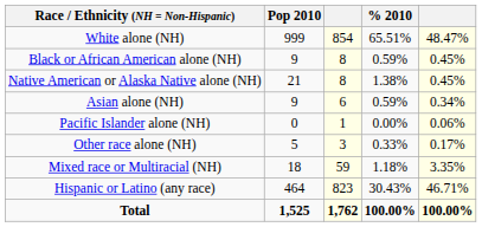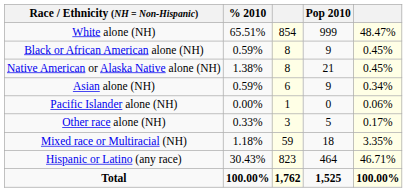 <table class="wikitable" style="text-align:center;">
 <tr>
 <th>Race / Ethnicity <small>(<em>NH = Non-Hispanic</em>)</small></th>
+<th>% 2010</th>
+<th></th>
 <th>Pop 2010</th>
-<th></th>
-<th>% 2010</th>
 <th></th>
 </tr>
 <tr>
 <td><a href='#'>White</a> alone (NH)</td>
+<td>65.51%</td>
+<td style='background: #ffffe6;'>854</td>
 <td>999</td>
-<td style='background: #ffffe6;'>854</td>
-<td>65.51%</td>
 <td style='background: #ffffe6;'>48.47%</td>
 </tr>
 <tr>
 <td><a href='#'>Black or African American</a> alone (NH)</td>
+<td>0.59%</td>
+<td style='background: #ffffe6;'>8</td>
 <td>9</td>
-<td style='background: #ffffe6;'>8</td>
-<td>0.59%</td>
 <td style='background: #ffffe6;'>0.45%</td>
 </tr>
 <tr>
 <td><a href='#'>Native American</a> or <a href='#'>Alaska Native</a> alone (NH)</td>
+<td>1.38%</td>
+<td style='background: #ffffe6;'>8</td>
 <td>21</td>
-<td style='background: #ffffe6;'>8</td>
-<td>1.38%</td>
 <td style='background: #ffffe6;'>0.45%</td>
 </tr>
 <tr>
 <td><a href='#'>Asian</a> alone (NH)</td>
+<td>0.59%</td>
+<td style='background: #ffffe6;'>6</td>
 <td>9</td>
-<td style='background: #ffffe6;'>6</td>
-<td>0.59%</td>
 <td style='background: #ffffe6;'>0.34%</td>
 </tr>
 <tr>
 <td><a href='#'>Pacific Islander</a> alone (NH)</td>
+<td>0.00%</td>
+<td style='background: #ffffe6;'>1</td>
 <td>0</td>
-<td style='background: #ffffe6;'>1</td>
-<td>0.00%</td>
 <td style='background: #ffffe6;'>0.06%</td>
 </tr>
 <tr>
 <td><a href='#'>Other race</a> alone (NH)</td>
+<td>0.33%</td>
+<td style='background: #ffffe6;'>3</td>
 <td>5</td>
-<td style='background: #ffffe6;'>3</td>
-<td>0.33%</td>
 <td style='background: #ffffe6;'>0.17%</td>
 </tr>
 <tr>
 <td><a href='#'>Mixed race or Multiracial</a> (NH)</td>
+<td>1.18%</td>
+<td style='background: #ffffe6;'>59</td>
 <td>18</td>
-<td style='background: #ffffe6;'>59</td>
-<td>1.18%</td>
 <td style='background: #ffffe6;'>3.35%</td>
 </tr>
 <tr>
 <td><a href='#'>Hispanic or Latino</a> (any race)</td>
+<td>30.43%</td>
+<td style='background: #ffffe6;'>823</td>
 <td>464</td>
-<td style='background: #ffffe6;'>823</td>
-<td>30.43%</td>
 <td style='background: #ffffe6;'>46.71%</td>
 </tr>
 <tr>
 <td><strong>Total</strong></td>
+<td><strong>100.00%</strong></td>
+<td style='background: #ffffe6;'><strong>1,762</strong></td>
 <td><strong>1,525</strong></td>
-<td style='background: #ffffe6;'><strong>1,762</strong></td>
-<td><strong>100.00%</strong></td>
 <td style='background: #ffffe6;'><strong>100.00%</strong></td>
 </tr>
 </table>
